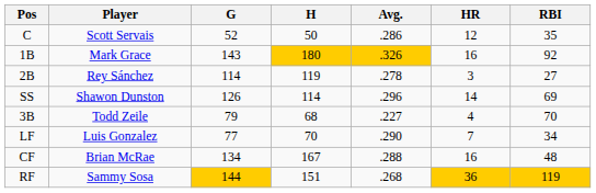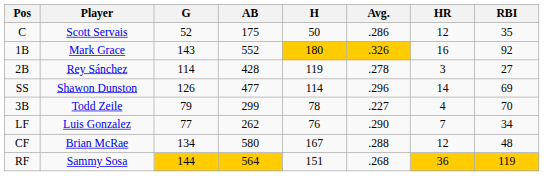 <table class="wikitable sortable">
 <tr>
 <th bgcolor="#DDDDFF" width="5%">Pos</th>
 <th bgcolor="#DDDDFF" width="16%">Player</th>
 <th bgcolor="#DDDDFF" width="9%">G</th>
+<th bgcolor="#DDDDFF" width="9%">AB</th>
 <th bgcolor="#DDDDFF" width="9%">H</th>
 <th bgcolor="#DDDDFF" width="9%">Avg.</th>
 <th bgcolor="#DDDDFF" width="9%">HR</th>
 <th bgcolor="#DDDDFF" width="9%">RBI</th>
 </tr>
 <tr align="center">
 <td>C</td>
 <td><a href='#'>Scott Servais</a></td>
 <td>52</td>
+<td>175</td>
 <td>50</td>
 <td>.286</td>
 <td>12</td>
 <td>35</td>
 </tr>
 <tr align=center>
 <td>1B</td>
 <td><a href='#'>Mark Grace</a></td>
 <td>143</td>
+<td>552</td>
 <td style="background:#fc0;">180</td>
 <td style="background:#fc0;">.326</td>
 <td>16</td>
 <td>92</td>
 </tr>
 <tr align=center>
 <td>2B</td>
 <td><a href='#'>Rey Sánchez</a></td>
 <td>114</td>
+<td>428</td>
 <td>119</td>
 <td>.278</td>
 <td>3</td>
 <td>27</td>
 </tr>
 <tr align=center>
 <td>SS</td>
 <td><a href='#'>Shawon Dunston</a></td>
 <td>126</td>
+<td>477</td>
 <td>114</td>
 <td>.296</td>
 <td>14</td>
 <td>69</td>
 </tr>
 <tr align=center>
 <td>3B</td>
 <td><a href='#'>Todd Zeile</a></td>
 <td>79</td>
-<td>68</td>
+<td>299</td>
+<td>78</td>
 <td>.227</td>
 <td>4</td>
 <td>70</td>
 </tr>
 <tr align=center>
 <td>LF</td>
 <td><a href='#'>Luis Gonzalez</a></td>
 <td>77</td>
-<td>70</td>
+<td>262</td>
+<td>76</td>
 <td>.290</td>
 <td>7</td>
 <td>34</td>
 </tr>
 <tr align=center>
 <td>CF</td>
 <td><a href='#'>Brian McRae</a></td>
 <td>134</td>
+<td>580</td>
 <td>167</td>
 <td>.288</td>
-<td>16</td>
+<td>12</td>
 <td>48</td>
 </tr>
 <tr align=center>
 <td>RF</td>
 <td><a href='#'>Sammy Sosa</a></td>
 <td style="background:#fc0;">144</td>
+<td style="background:#fc0;">564</td>
 <td>151</td>
 <td>.268</td>
 <td style="background:#fc0;">36</td>
 <td style="background:#fc0;">119</td>
 </tr>
 </table>
